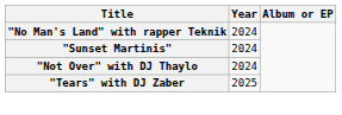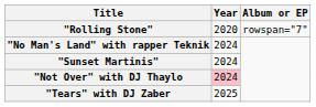 <table class="wikitable plainrowheaders" style="text-align:center;">
 <tr>
 <th>Title</th>
 <th>Year</th>
 <th>Album or EP</th>
+</tr>
+<tr>
+<th scope="row">"Rolling Stone"</th>
+<td>2020</td>
+<td>rowspan="7" </td>
 </tr>
 <tr>
 <th scope="row">"No Man's Land" with rapper Teknik</th>
 <td>2024</td>
 </tr>
 <tr>
 <th scope="row">"Sunset Martinis"</th>
 <td>2024</td>
 </tr>
 <tr>
 <th scope="row">"Not Over" with DJ Thaylo</th>
-<td>2024</td>
+<td style="background: pink;">2024</td>
 </tr>
 <tr>
 <th scope="row">"Tears" with DJ Zaber</th>
 <td>2025</td>
 </tr>
 </table>
